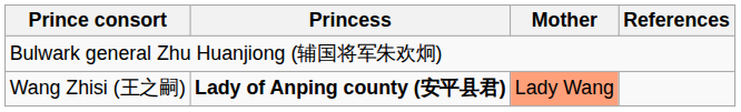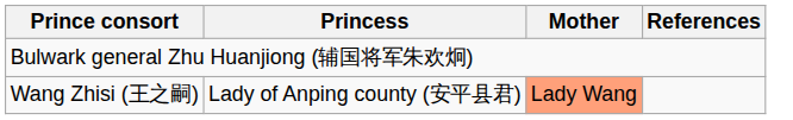 <table class="wikitable">
 <tr>
 <th>Prince consort</th>
 <th>Princess</th>
 <th>Mother</th>
 <th>References</th>
 </tr>
 <tr>
 <td colspan="4">Bulwark general Zhu Huanjiong (辅国将军朱欢炯)</td>
 </tr>
 <tr>
 <td>Wang Zhisi (王之嗣)</td>
-<td><strong>Lady of Anping county (安平县君)</strong></td>
+<td>Lady of Anping county (安平县君)</td>
 <td style="background: lightsalmon;">Lady Wang</td>
 <td></td>
 </tr>
 </table>
